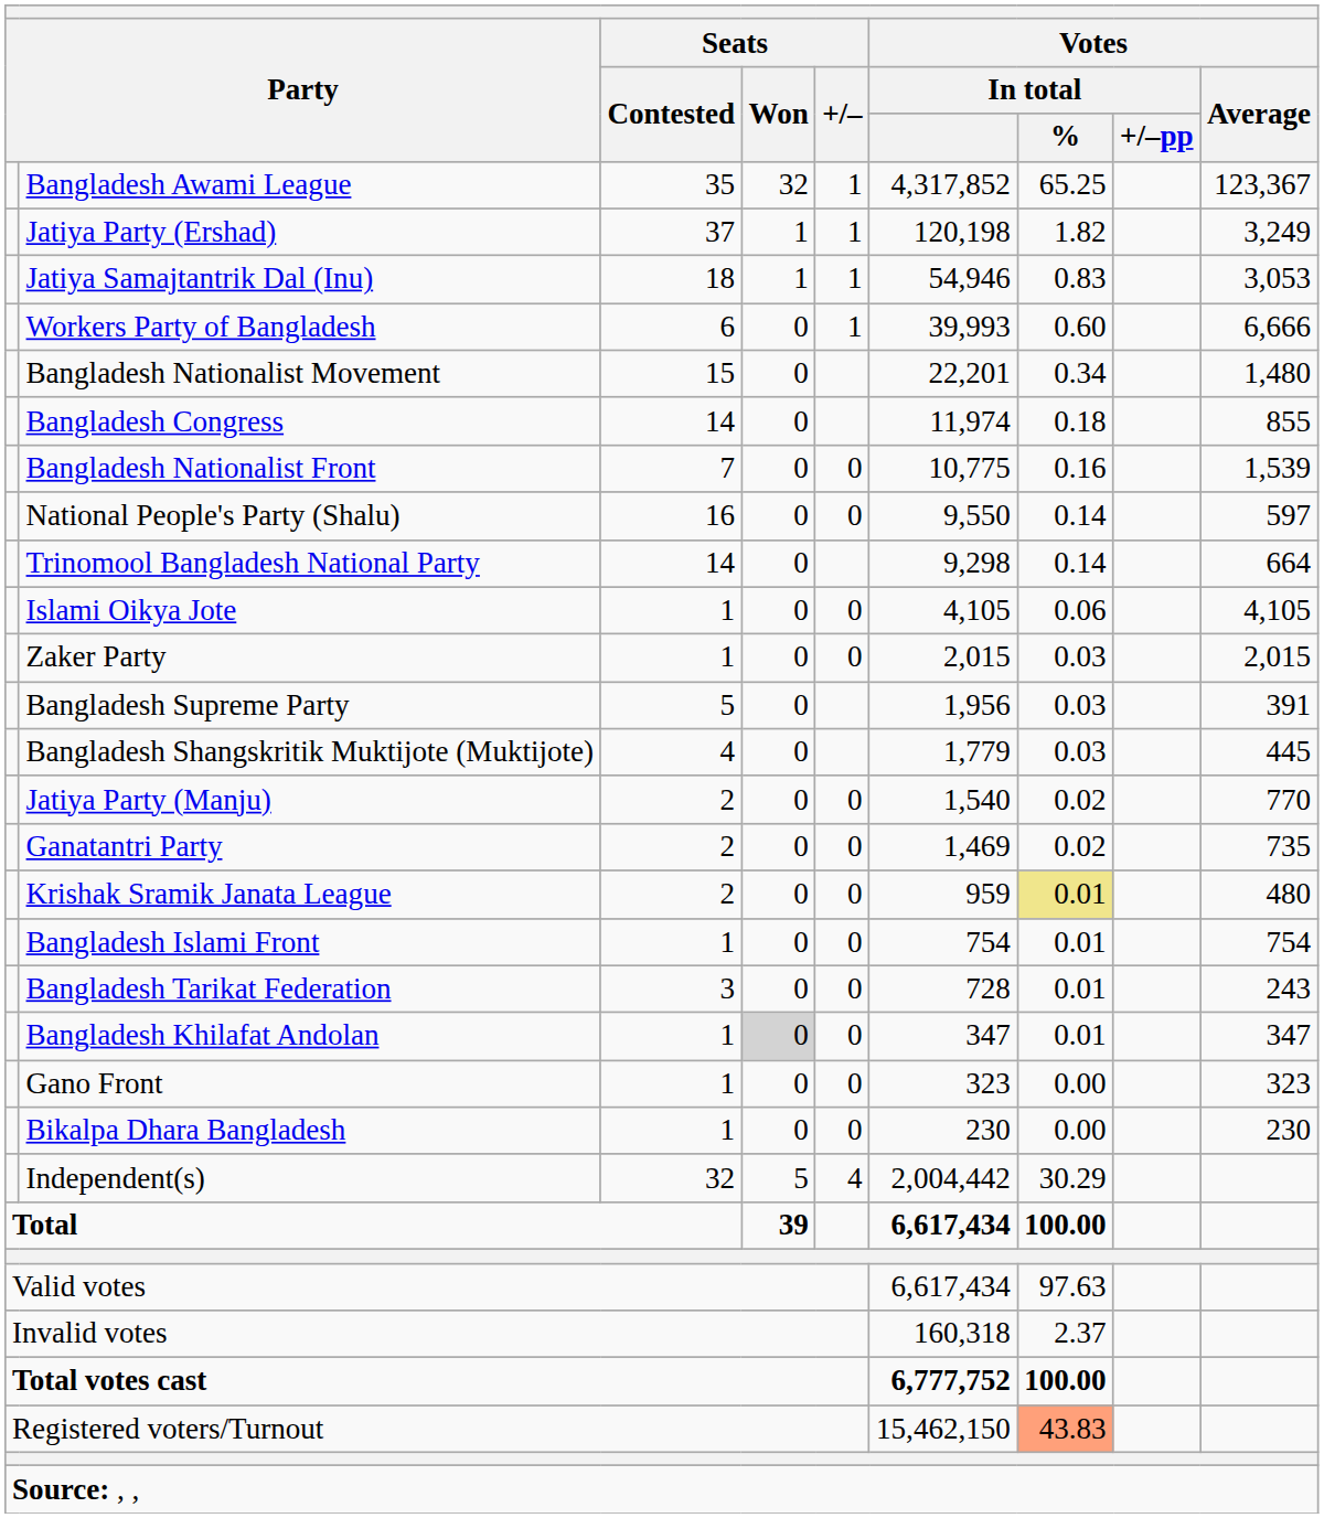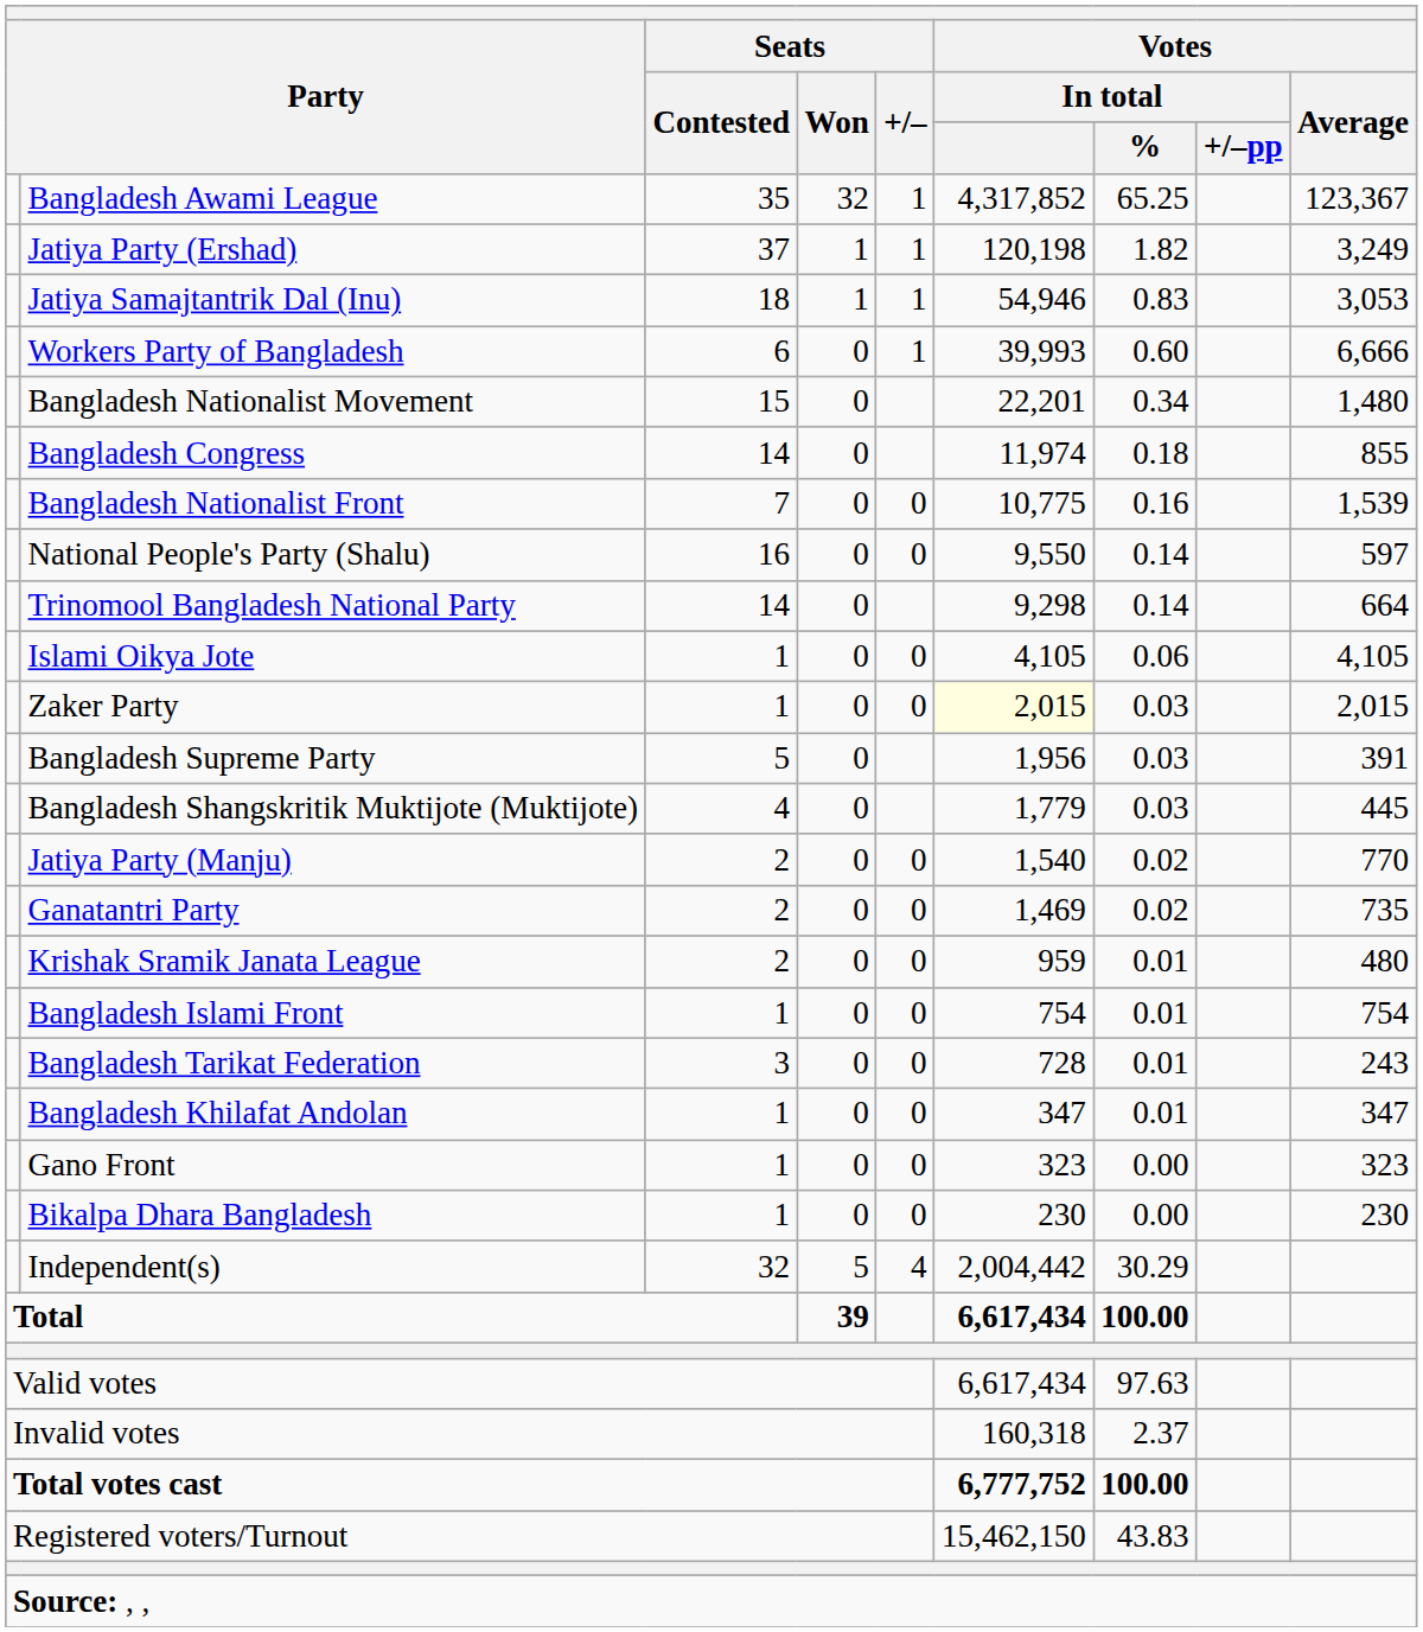 <table class="wikitable sortable">
 <tr>
 <th colspan="9"></th>
 </tr>
 <tr>
 <th colspan="2" rowspan="3">Party</th>
 <th colspan="3">Seats</th>
 <th colspan="4">Votes</th>
 </tr>
 <tr>
 <th rowspan="2">Contested</th>
 <th rowspan="2">Won</th>
 <th rowspan="2">+/–</th>
 <th colspan="3">In total</th>
 <th rowspan="2">Average</th>
 </tr>
 <tr>
 <th></th>
 <th>%</th>
 <th>+/–<a href='#'>pp</a></th>
 </tr>
 <tr>
 <td></td>
 <td><a href='#'>Bangladesh Awami League</a></td>
 <td style="text-align:right">35</td>
 <td style="text-align:right">32</td>
 <td style="text-align:right">1</td>
 <td style="text-align:right">4,317,852</td>
 <td style="text-align:right">65.25</td>
 <td style="text-align:right"></td>
 <td style="text-align:right">123,367</td>
 </tr>
 <tr>
 <td></td>
 <td><a href='#'>Jatiya Party (Ershad)</a></td>
 <td style="text-align:right">37</td>
 <td style="text-align:right">1</td>
 <td style="text-align:right">1</td>
 <td style="text-align:right">120,198</td>
 <td style="text-align:right">1.82</td>
 <td style="text-align:right"></td>
 <td style="text-align:right">3,249</td>
 </tr>
 <tr>
 <td></td>
 <td><a href='#'>Jatiya Samajtantrik Dal (Inu)</a></td>
 <td style="text-align:right">18</td>
 <td style="text-align:right">1</td>
 <td style="text-align:right">1</td>
 <td style="text-align:right">54,946</td>
 <td style="text-align:right">0.83</td>
 <td style="text-align:right"></td>
 <td style="text-align:right">3,053</td>
 </tr>
 <tr>
 <td></td>
 <td><a href='#'>Workers Party of Bangladesh</a></td>
 <td style="text-align:right">6</td>
 <td style="text-align:right">0</td>
 <td style="text-align:right">1</td>
 <td style="text-align:right">39,993</td>
 <td style="text-align:right">0.60</td>
 <td style="text-align:right"></td>
 <td style="text-align:right">6,666</td>
 </tr>
 <tr>
 <td></td>
 <td>Bangladesh Nationalist Movement</td>
 <td style="text-align:right">15</td>
 <td style="text-align:right">0</td>
 <td style="text-align:right"></td>
 <td style="text-align:right">22,201</td>
 <td style="text-align:right">0.34</td>
 <td style="text-align:right"></td>
 <td style="text-align:right">1,480</td>
 </tr>
 <tr>
 <td></td>
 <td><a href='#'>Bangladesh Congress</a></td>
 <td style="text-align:right">14</td>
 <td style="text-align:right">0</td>
 <td style="text-align:right"></td>
 <td style="text-align:right">11,974</td>
 <td style="text-align:right">0.18</td>
 <td style="text-align:right"></td>
 <td style="text-align:right">855</td>
 </tr>
 <tr>
 <td></td>
 <td><a href='#'>Bangladesh Nationalist Front</a></td>
 <td style="text-align:right">7</td>
 <td style="text-align:right">0</td>
 <td style="text-align:right">0</td>
 <td style="text-align:right">10,775</td>
 <td style="text-align:right">0.16</td>
 <td style="text-align:right"></td>
 <td style="text-align:right">1,539</td>
 </tr>
 <tr>
 <td></td>
 <td>National People's Party (Shalu)</td>
 <td style="text-align:right">16</td>
 <td style="text-align:right">0</td>
 <td style="text-align:right">0</td>
 <td style="text-align:right">9,550</td>
 <td style="text-align:right">0.14</td>
 <td style="text-align:right"></td>
 <td style="text-align:right">597</td>
 </tr>
 <tr>
 <td></td>
 <td><a href='#'>Trinomool Bangladesh National Party</a></td>
 <td style="text-align:right">14</td>
 <td style="text-align:right">0</td>
 <td style="text-align:right"></td>
 <td style="text-align:right">9,298</td>
 <td style="text-align:right">0.14</td>
 <td style="text-align:right"></td>
 <td style="text-align:right">664</td>
 </tr>
 <tr>
 <td></td>
 <td><a href='#'>Islami Oikya Jote</a></td>
 <td style="text-align:right">1</td>
 <td style="text-align:right">0</td>
 <td style="text-align:right">0</td>
 <td style="text-align:right">4,105</td>
 <td style="text-align:right">0.06</td>
 <td style="text-align:right"></td>
 <td style="text-align:right">4,105</td>
 </tr>
 <tr>
 <td></td>
 <td>Zaker Party</td>
 <td style="text-align:right">1</td>
 <td style="text-align:right">0</td>
 <td style="text-align:right">0</td>
-<td style="text-align:right">2,015</td>
+<td style="background: lightyellow; text-align:right">2,015</td>
 <td style="text-align:right">0.03</td>
 <td style="text-align:right"></td>
 <td style="text-align:right">2,015</td>
 </tr>
 <tr>
 <td></td>
 <td>Bangladesh Supreme Party</td>
 <td style="text-align:right">5</td>
 <td style="text-align:right">0</td>
 <td style="text-align:right"></td>
 <td style="text-align:right">1,956</td>
 <td style="text-align:right">0.03</td>
 <td style="text-align:right"></td>
 <td style="text-align:right">391</td>
 </tr>
 <tr>
 <td></td>
 <td>Bangladesh Shangskritik Muktijote (Muktijote)</td>
 <td style="text-align:right">4</td>
 <td style="text-align:right">0</td>
 <td style="text-align:right"></td>
 <td style="text-align:right">1,779</td>
 <td style="text-align:right">0.03</td>
 <td style="text-align:right"></td>
 <td style="text-align:right">445</td>
 </tr>
 <tr>
 <td></td>
 <td><a href='#'>Jatiya Party (Manju)</a></td>
 <td style="text-align:right">2</td>
 <td style="text-align:right">0</td>
 <td style="text-align:right">0</td>
 <td style="text-align:right">1,540</td>
 <td style="text-align:right">0.02</td>
 <td style="text-align:right"></td>
 <td style="text-align:right">770</td>
 </tr>
 <tr>
 <td></td>
 <td><a href='#'>Ganatantri Party</a></td>
 <td style="text-align:right">2</td>
 <td style="text-align:right">0</td>
 <td style="text-align:right">0</td>
 <td style="text-align:right">1,469</td>
 <td style="text-align:right">0.02</td>
 <td style="text-align:right"></td>
 <td style="text-align:right">735</td>
 </tr>
 <tr>
 <td></td>
 <td><a href='#'>Krishak Sramik Janata League</a></td>
 <td style="text-align:right">2</td>
 <td style="text-align:right">0</td>
 <td style="text-align:right">0</td>
 <td style="text-align:right">959</td>
-<td style="background: khaki; text-align:right">0.01</td>
+<td style="text-align:right">0.01</td>
 <td style="text-align:right"></td>
 <td style="text-align:right">480</td>
 </tr>
 <tr>
 <td></td>
 <td><a href='#'>Bangladesh Islami Front</a></td>
 <td style="text-align:right">1</td>
 <td style="text-align:right">0</td>
 <td style="text-align:right">0</td>
 <td style="text-align:right">754</td>
 <td style="text-align:right">0.01</td>
 <td style="text-align:right"></td>
 <td style="text-align:right">754</td>
 </tr>
 <tr>
 <td></td>
 <td><a href='#'>Bangladesh Tarikat Federation</a></td>
 <td style="text-align:right">3</td>
 <td style="text-align:right">0</td>
 <td style="text-align:right">0</td>
 <td style="text-align:right">728</td>
 <td style="text-align:right">0.01</td>
 <td style="text-align:right"></td>
 <td style="text-align:right">243</td>
 </tr>
 <tr>
 <td></td>
 <td><a href='#'>Bangladesh Khilafat Andolan</a></td>
 <td style="text-align:right">1</td>
-<td style="background: lightgrey; text-align:right">0</td>
+<td style="text-align:right">0</td>
 <td style="text-align:right">0</td>
 <td style="text-align:right">347</td>
 <td style="text-align:right">0.01</td>
 <td style="text-align:right"></td>
 <td style="text-align:right">347</td>
 </tr>
 <tr>
 <td></td>
 <td>Gano Front</td>
 <td style="text-align:right">1</td>
 <td style="text-align:right">0</td>
 <td style="text-align:right">0</td>
 <td style="text-align:right">323</td>
 <td style="text-align:right">0.00</td>
 <td style="text-align:right"></td>
 <td style="text-align:right">323</td>
 </tr>
 <tr>
 <td></td>
 <td><a href='#'>Bikalpa Dhara Bangladesh</a></td>
 <td style="text-align:right">1</td>
 <td style="text-align:right">0</td>
 <td style="text-align:right">0</td>
 <td style="text-align:right">230</td>
 <td style="text-align:right">0.00</td>
 <td style="text-align:right"></td>
 <td style="text-align:right">230</td>
 </tr>
 <tr>
 <td></td>
 <td>Independent(s)</td>
 <td style="text-align:right">32</td>
 <td style="text-align:right">5</td>
 <td style="text-align:right">4</td>
 <td style="text-align:right">2,004,442</td>
 <td style="text-align:right">30.29</td>
 <td style="text-align:right"></td>
 <td style="text-align:right"></td>
 </tr>
 <tr>
 <td colspan="3"><strong>Total</strong></td>
 <td style="text-align:right"><strong>39</strong></td>
 <td style="text-align:right"></td>
 <td style="text-align:right"><strong>6,617,434</strong></td>
 <td style="text-align:right"><strong>100.00</strong></td>
 <td style="text-align:right"></td>
 <td style="text-align:right"></td>
 </tr>
 <tr>
 <th colspan="9"></th>
 </tr>
 <tr>
 <td colspan="5">Valid votes</td>
 <td style="text-align:right">6,617,434</td>
 <td style="text-align:right">97.63</td>
 <td></td>
 <td></td>
 </tr>
 <tr>
 <td colspan="5">Invalid votes</td>
 <td style="text-align:right">160,318</td>
 <td style="text-align:right">2.37</td>
 <td></td>
 <td></td>
 </tr>
 <tr>
 <td colspan="5"><strong>Total votes cast</strong></td>
 <td style="text-align:right"><strong>6,777,752</strong></td>
 <td style="text-align:right"><strong>100.00</strong></td>
 <td></td>
 <td></td>
 </tr>
 <tr>
 <td colspan="5">Registered voters/Turnout</td>
 <td style="text-align:right">15,462,150</td>
-<td style="background: lightsalmon; text-align:right">43.83</td>
+<td style="text-align:right">43.83</td>
 <td></td>
 <td></td>
 </tr>
 <tr>
 <th colspan="9"></th>
 </tr>
 <tr>
 <td colspan="9"><strong>Source:</strong> , , </td>
 </tr>
 </table>
